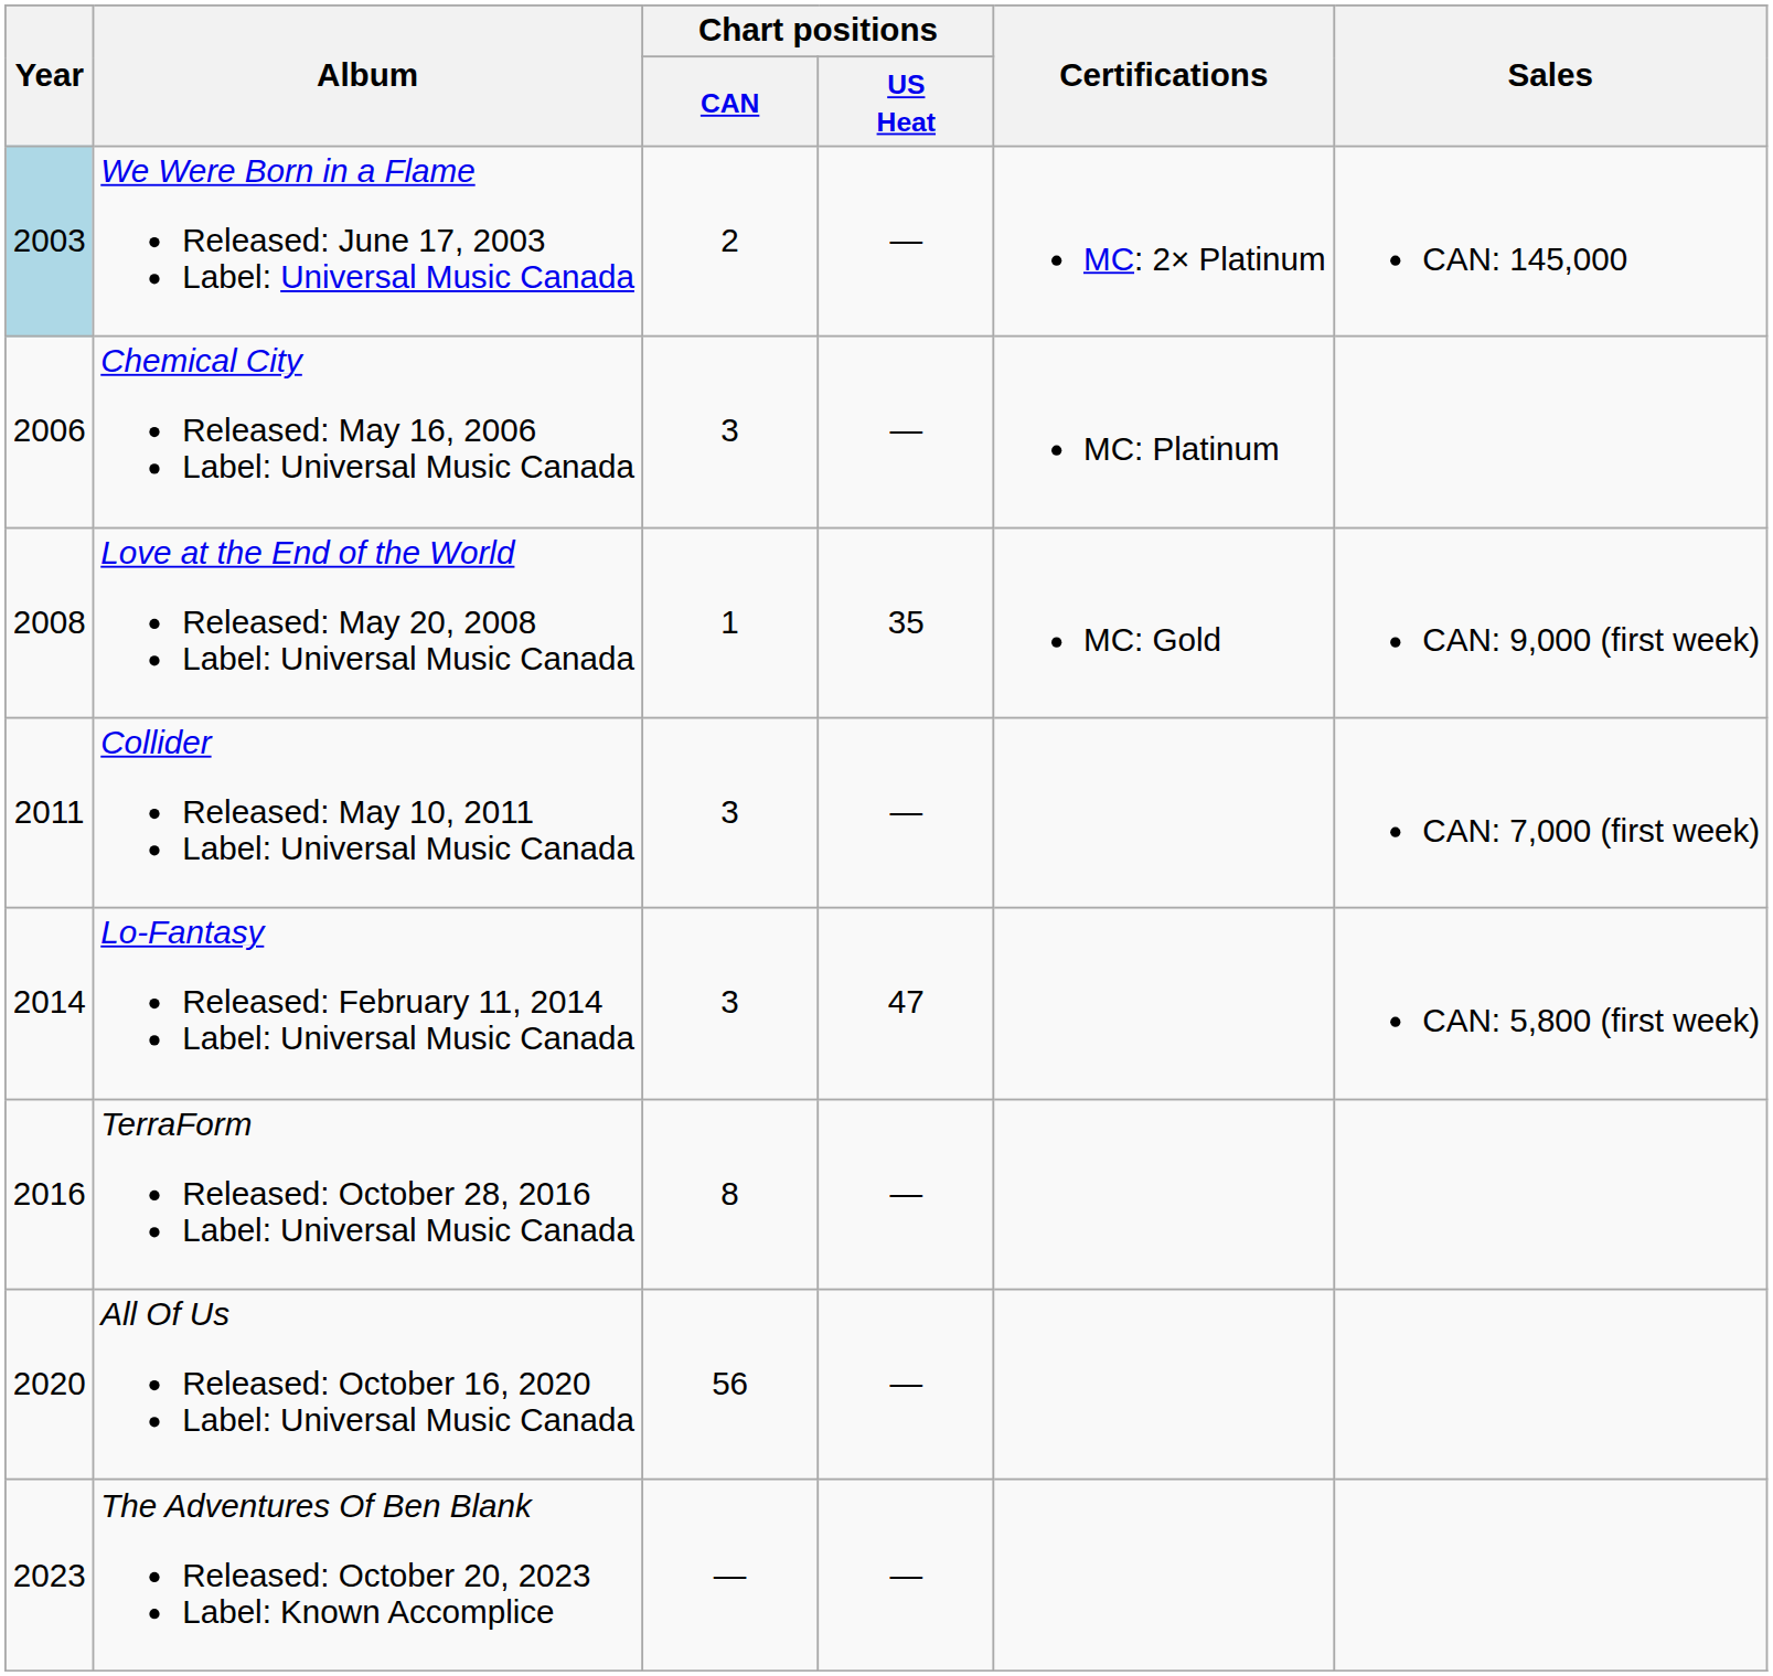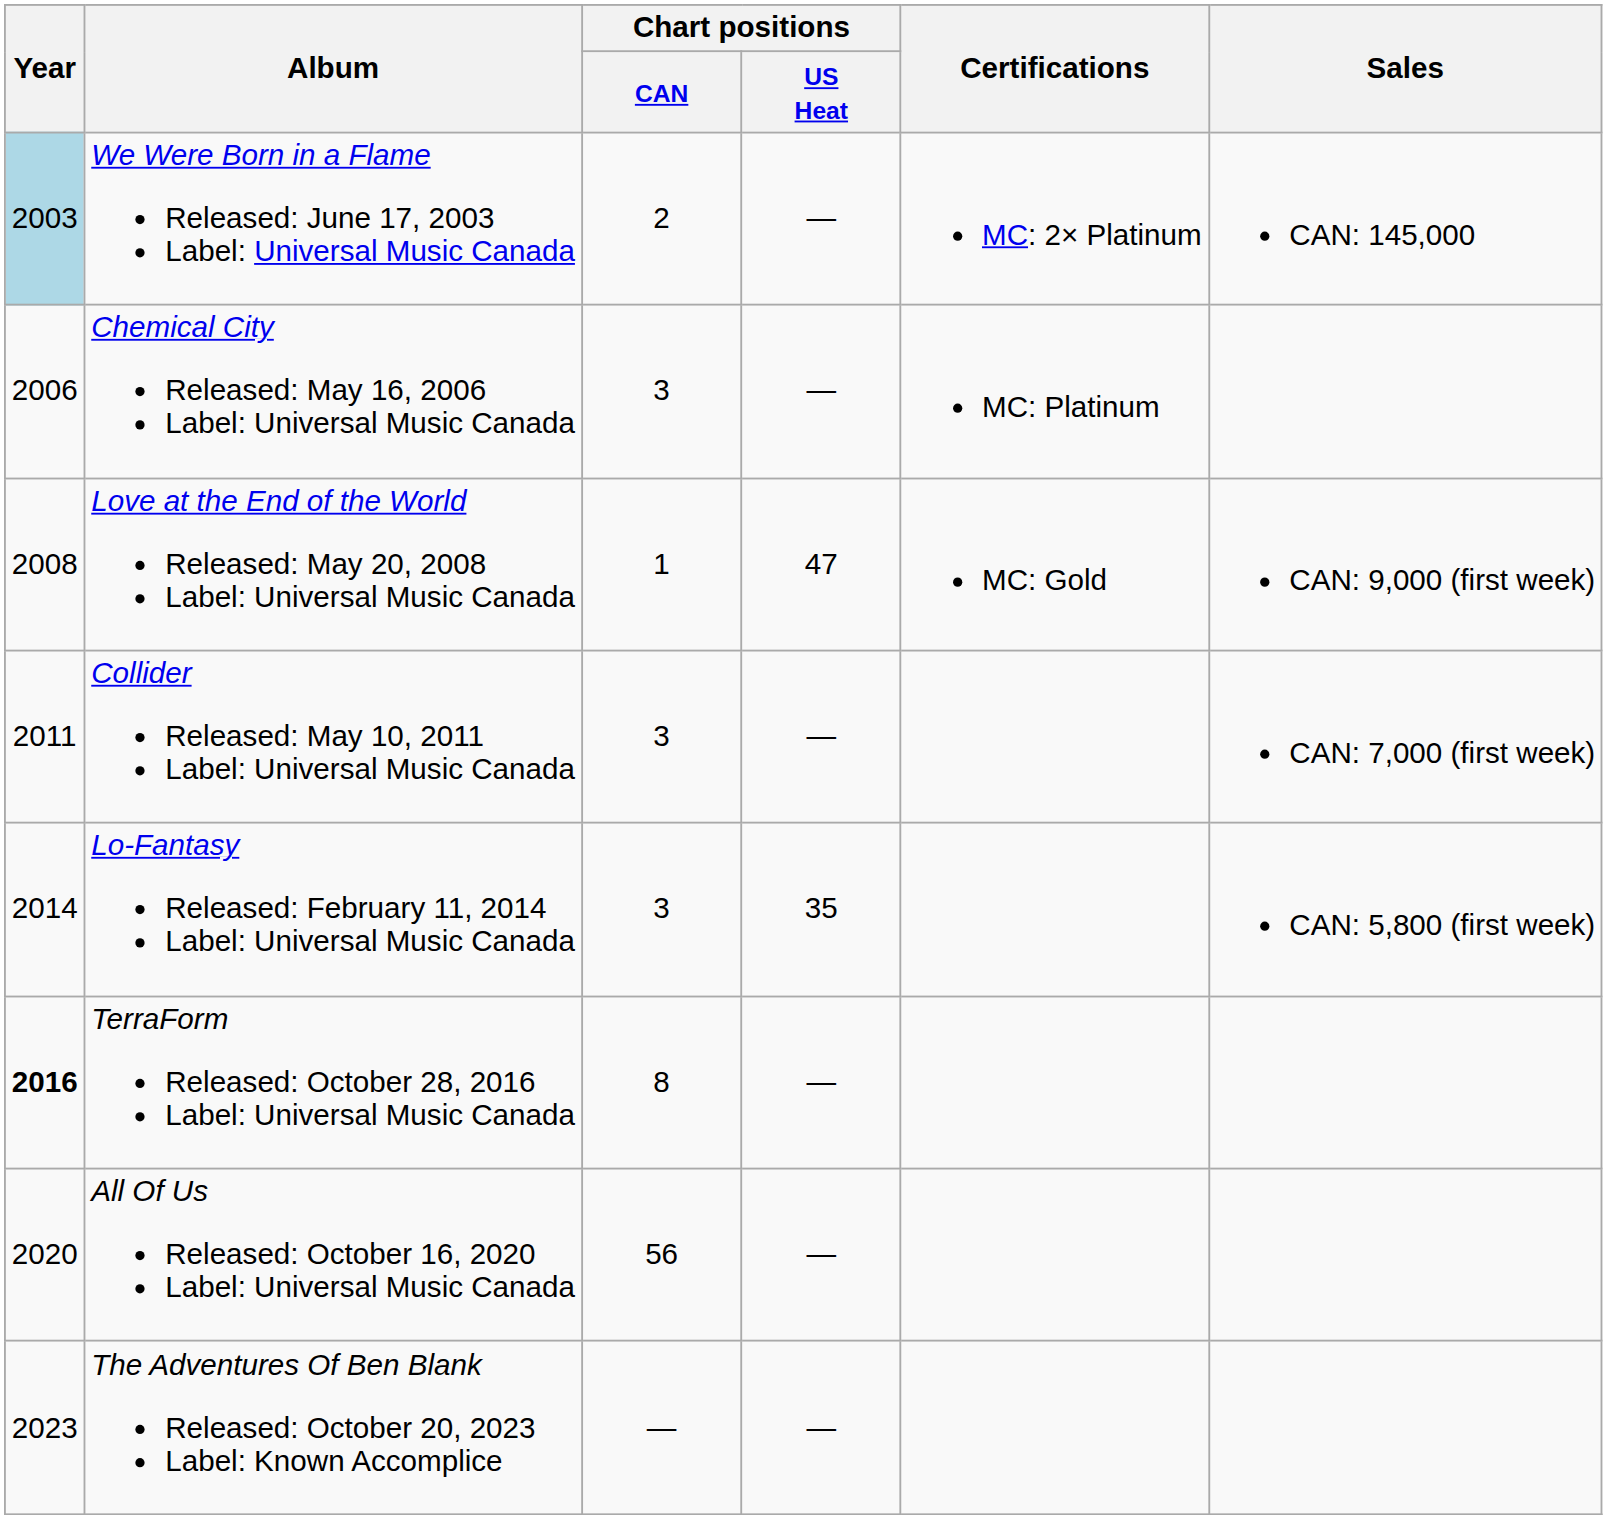 <table class="wikitable">
 <tr>
 <th align=center rowspan=2>Year</th>
 <th align=center rowspan=2>Album</th>
 <th colspan="2" align="center">Chart positions</th>
 <th align=center rowspan=2>Certifications</th>
 <th align=center rowspan=2>Sales</th>
 </tr>
 <tr>
 <th align=center width=10%><small><a href='#'>CAN</a></small><br></th>
 <th align=center width=10%><small><a href='#'>US<br>Heat</a></small><br></th>
 </tr>
 <tr>
 <td align=center style="background: lightblue;">2003</td>
 <td><em><a href='#'>We Were Born in a Flame</a></em><br><ul><li>Released: June 17, 2003</li><li>Label: <a href='#'>Universal Music Canada</a></li></ul></td>
 <td align=center>2</td>
 <td align=center>—</td>
 <td><br><ul><li><a href='#'>MC</a>: 2× Platinum</li></ul></td>
 <td><br><ul><li>CAN: 145,000</li></ul></td>
 </tr>
 <tr>
 <td align=center>2006</td>
 <td><em><a href='#'>Chemical City</a></em><br><ul><li>Released: May 16, 2006</li><li>Label: Universal Music Canada</li></ul></td>
 <td align=center>3</td>
 <td align=center>—</td>
 <td><br><ul><li>MC: Platinum</li></ul></td>
 <td></td>
 </tr>
 <tr>
 <td align=center>2008</td>
 <td><em><a href='#'>Love at the End of the World</a></em><br><ul><li>Released: May 20, 2008</li><li>Label: Universal Music Canada</li></ul></td>
 <td align=center>1</td>
-<td align=center>35</td>
+<td align=center>47</td>
 <td><br><ul><li>MC: Gold</li></ul></td>
 <td><br><ul><li>CAN: 9,000 (first week)</li></ul></td>
 </tr>
 <tr>
 <td align=center>2011</td>
 <td><em><a href='#'>Collider</a></em><br><ul><li>Released: May 10, 2011</li><li>Label: Universal Music Canada</li></ul></td>
 <td align=center>3</td>
 <td align=center>—</td>
 <td></td>
 <td><br><ul><li>CAN: 7,000 (first week)</li></ul></td>
 </tr>
 <tr>
 <td align=center>2014</td>
 <td><em><a href='#'>Lo-Fantasy</a></em><br><ul><li>Released: February 11, 2014</li><li>Label: Universal Music Canada</li></ul></td>
 <td align=center>3</td>
-<td align=center>47</td>
+<td align=center>35</td>
 <td></td>
 <td><br><ul><li>CAN: 5,800 (first week)</li></ul></td>
 </tr>
 <tr>
-<td align=center>2016</td>
+<td align=center><strong>2016</strong></td>
 <td><em>TerraForm</em><br><ul><li>Released: October 28, 2016</li><li>Label: Universal Music Canada</li></ul></td>
 <td align=center>8<br></td>
 <td align=center>—</td>
 <td></td>
 <td></td>
 </tr>
 <tr>
 <td align=center>2020</td>
 <td><em>All Of Us</em><br><ul><li>Released: October 16, 2020</li><li>Label: Universal Music Canada</li></ul></td>
 <td align=center>56</td>
 <td align=center>—</td>
 <td></td>
 <td></td>
 </tr>
 <tr>
 <td align=center>2023</td>
 <td><em>The Adventures Of Ben Blank</em><br><ul><li>Released: October 20, 2023</li><li>Label: Known Accomplice</li></ul></td>
 <td align=center>—</td>
 <td align=center>—</td>
 <td></td>
 <td></td>
 </tr>
 <tr>
 </tr>
 </table>
